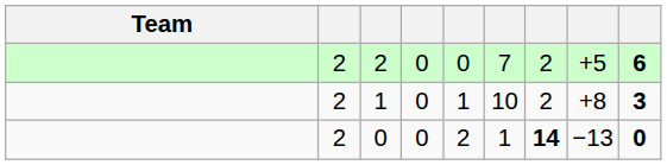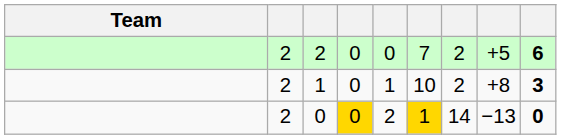 <table class=wikitable style="text-align:center">
 <tr>
 <th width=200>Team</th>
 <th width=20></th>
 <th width=20></th>
 <th width=20></th>
 <th width=20></th>
 <th width=20></th>
 <th width=20></th>
 <th width=20></th>
 <th width=20></th>
 </tr>
 <tr bgcolor=#ccffcc>
 <td align=left></td>
 <td>2</td>
 <td>2</td>
 <td>0</td>
 <td>0</td>
 <td>7</td>
 <td>2</td>
 <td>+5</td>
 <td><strong>6</strong></td>
 </tr>
 <tr>
 <td align=left></td>
 <td>2</td>
 <td>1</td>
 <td>0</td>
 <td>1</td>
 <td>10</td>
 <td>2</td>
 <td>+8</td>
 <td><strong>3</strong></td>
 </tr>
 <tr>
 <td align=left></td>
 <td>2</td>
 <td>0</td>
-<td>0</td>
+<td style="background: gold;">0</td>
 <td>2</td>
-<td>1</td>
-<td><strong>14</strong></td>
+<td style="background: gold;">1</td>
+<td>14</td>
 <td>−13</td>
 <td><strong>0</strong></td>
 </tr>
 </table>
